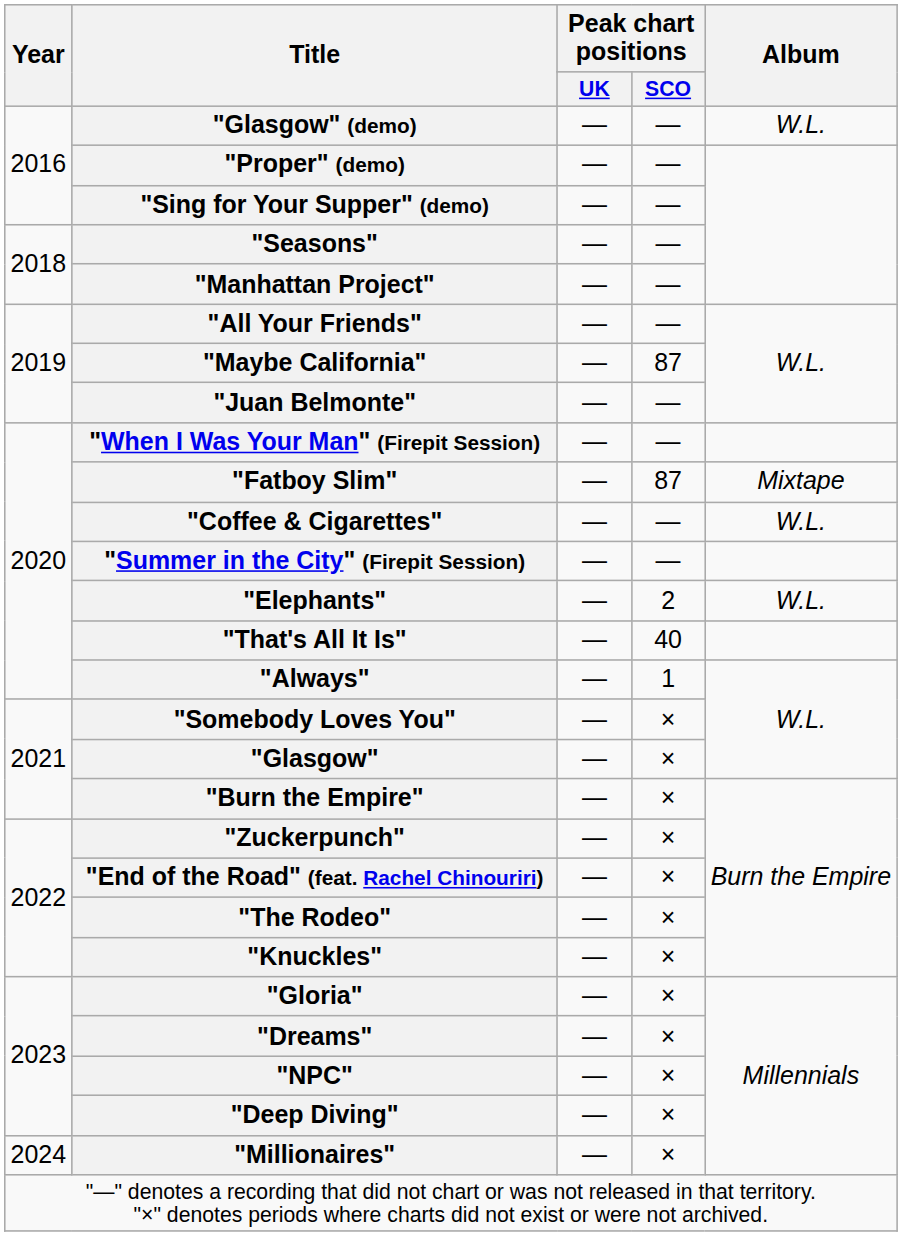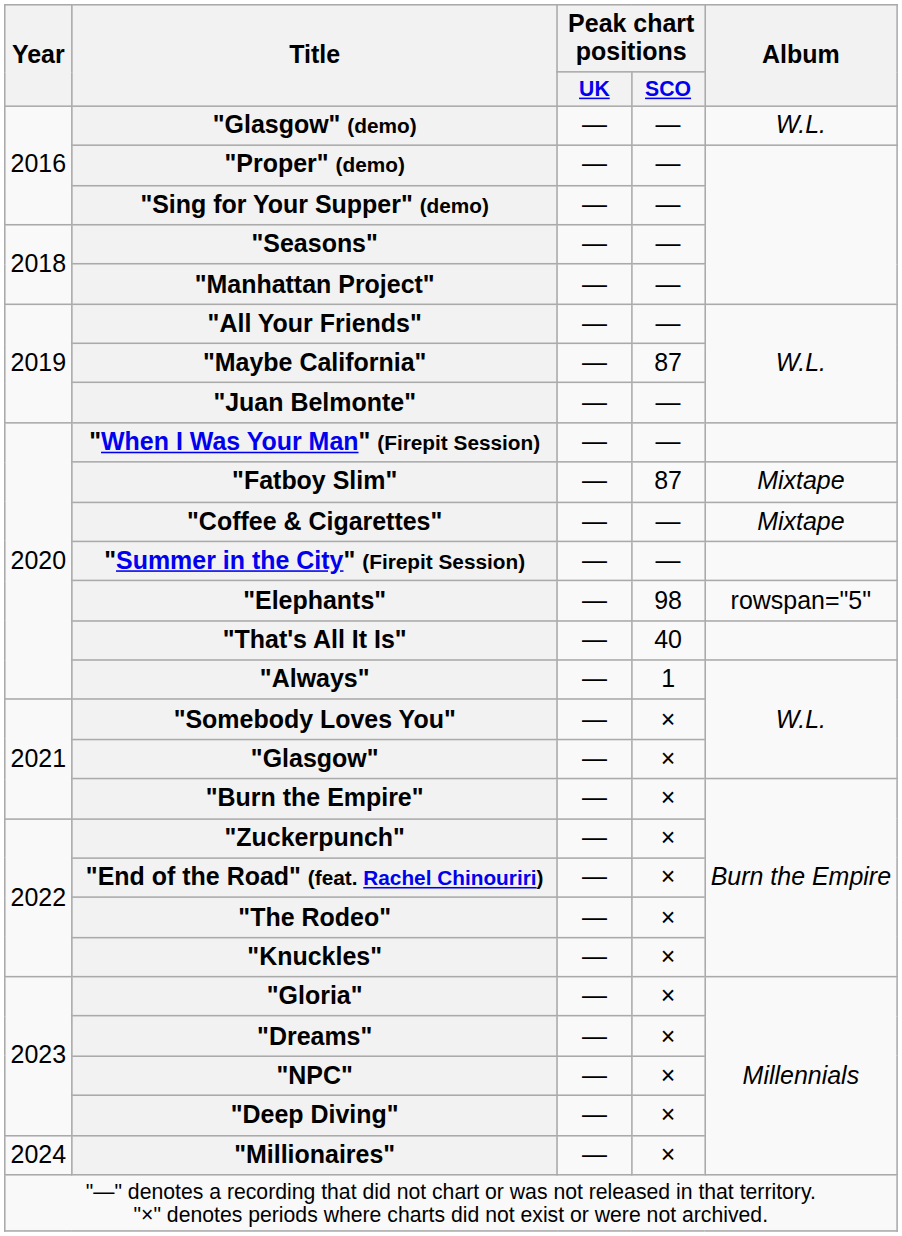 <table class="wikitable plainrowheaders" style="text-align:center;">
 <tr>
 <th scope="col" rowspan="2" style="width:1em;">Year</th>
 <th scope="col" rowspan="2" style="width:19em;">Title</th>
 <th scope="col" colspan="2">Peak chart positions</th>
 <th scope="col" rowspan="2">Album</th>
 </tr>
 <tr>
 <th scope="col" style="width:3em;font-size:85%;"><a href='#'>UK</a><br></th>
 <th scope="col" style="width:3em;font-size:85%;"><a href='#'>SCO</a><br></th>
 </tr>
 <tr>
 <td rowspan="3">2016</td>
 <th scope="row">"Glasgow" <small>(demo)</small></th>
 <td>—</td>
 <td>—</td>
 <td><em>W.L.</em></td>
 </tr>
 <tr>
 <th scope="row">"Proper" <small>(demo)</small></th>
 <td>—</td>
 <td>—</td>
 </tr>
 <tr>
 <th scope="row">"Sing for Your Supper" <small>(demo)</small></th>
 <td>—</td>
 <td>—</td>
 </tr>
 <tr>
 <td rowspan="2">2018</td>
 <th scope="row">"Seasons"</th>
 <td>—</td>
 <td>—</td>
 </tr>
 <tr>
 <th scope="row">"Manhattan Project"</th>
 <td>—</td>
 <td>—</td>
 </tr>
 <tr>
 <td rowspan="3">2019</td>
 <th scope="row">"All Your Friends"</th>
 <td>—</td>
 <td>—</td>
 <td rowspan="3"><em>W.L.</em></td>
 </tr>
 <tr>
 <th scope="row">"Maybe California"</th>
 <td>—</td>
 <td>87</td>
 </tr>
 <tr>
 <th scope="row">"Juan Belmonte"</th>
 <td>—</td>
 <td>—</td>
 </tr>
 <tr>
 <td rowspan="7">2020</td>
 <th scope="row">"<a href='#'>When I Was Your Man</a>" <small>(Firepit Session)</small></th>
 <td>—</td>
 <td>—</td>
 <td></td>
 </tr>
 <tr>
 <th scope="row">"Fatboy Slim"</th>
 <td>—</td>
 <td>87</td>
 <td><em>Mixtape</em></td>
 </tr>
 <tr>
 <th scope="row">"Coffee & Cigarettes"</th>
 <td>—</td>
 <td>—</td>
-<td><em>W.L.</em></td>
+<td><em>Mixtape</em></td>
 </tr>
 <tr>
 <th scope="row">"<a href='#'>Summer in the City</a>" <small>(Firepit Session)</small></th>
 <td>—</td>
 <td>—</td>
 <td></td>
 </tr>
 <tr>
 <th scope="row">"Elephants"</th>
 <td>—</td>
-<td>2</td>
-<td><em>W.L.</em></td>
+<td>98</td>
+<td>rowspan="5" </td>
 </tr>
 <tr>
 <th scope="row">"That's All It Is"</th>
 <td>—</td>
 <td>40</td>
 <td></td>
 </tr>
 <tr>
 <th scope="row">"Always"</th>
 <td>—</td>
 <td>1</td>
 <td rowspan="3"><em>W.L.</em></td>
 </tr>
 <tr>
 <td rowspan="3">2021</td>
 <th scope="row">"Somebody Loves You"</th>
 <td>—</td>
 <td>×</td>
 </tr>
 <tr>
 <th scope="row">"Glasgow"</th>
 <td>—</td>
 <td>×</td>
 </tr>
 <tr>
 <th scope="row">"Burn the Empire"</th>
 <td>—</td>
 <td>×</td>
 <td rowspan="5"><em>Burn the Empire</em></td>
 </tr>
 <tr>
 <td rowspan="4">2022</td>
 <th scope="row">"Zuckerpunch"</th>
 <td>—</td>
 <td>×</td>
 </tr>
 <tr>
 <th scope="row">"End of the Road" <small>(feat. <a href='#'>Rachel Chinouriri</a>)</small></th>
 <td>—</td>
 <td>×</td>
 </tr>
 <tr>
 <th scope="row">"The Rodeo"</th>
 <td>—</td>
 <td>×</td>
 </tr>
 <tr>
 <th scope="row">"Knuckles"</th>
 <td>—</td>
 <td>×</td>
 </tr>
 <tr>
 <td rowspan="4">2023</td>
 <th scope="row">"Gloria"</th>
 <td>—</td>
 <td>×</td>
 <td rowspan="5"><em>Millennials</em></td>
 </tr>
 <tr>
 <th scope="row">"Dreams"</th>
 <td>—</td>
 <td>×</td>
 </tr>
 <tr>
 <th scope="row">"NPC"</th>
 <td>—</td>
 <td>×</td>
 </tr>
 <tr>
 <th scope="row">"Deep Diving"</th>
 <td>—</td>
 <td>×</td>
 </tr>
 <tr>
 <td>2024</td>
 <th scope="row">"Millionaires"</th>
 <td>—</td>
 <td>×</td>
 </tr>
 <tr>
 <td colspan="5" style="font-size:85%">"—" denotes a recording that did not chart or was not released in that territory.<br>"×" denotes periods where charts did not exist or were not archived.</td>
 </tr>
 </table>
